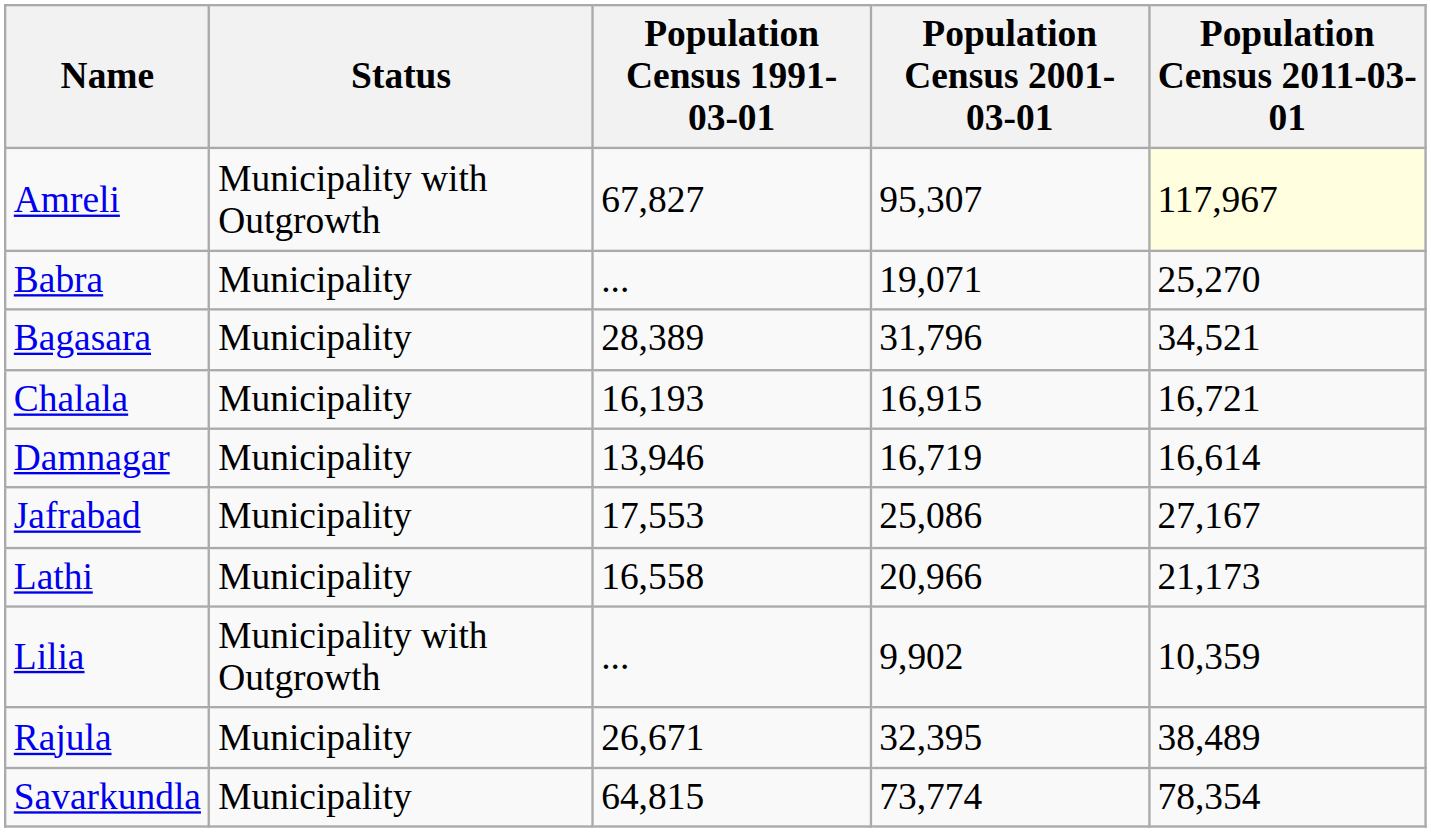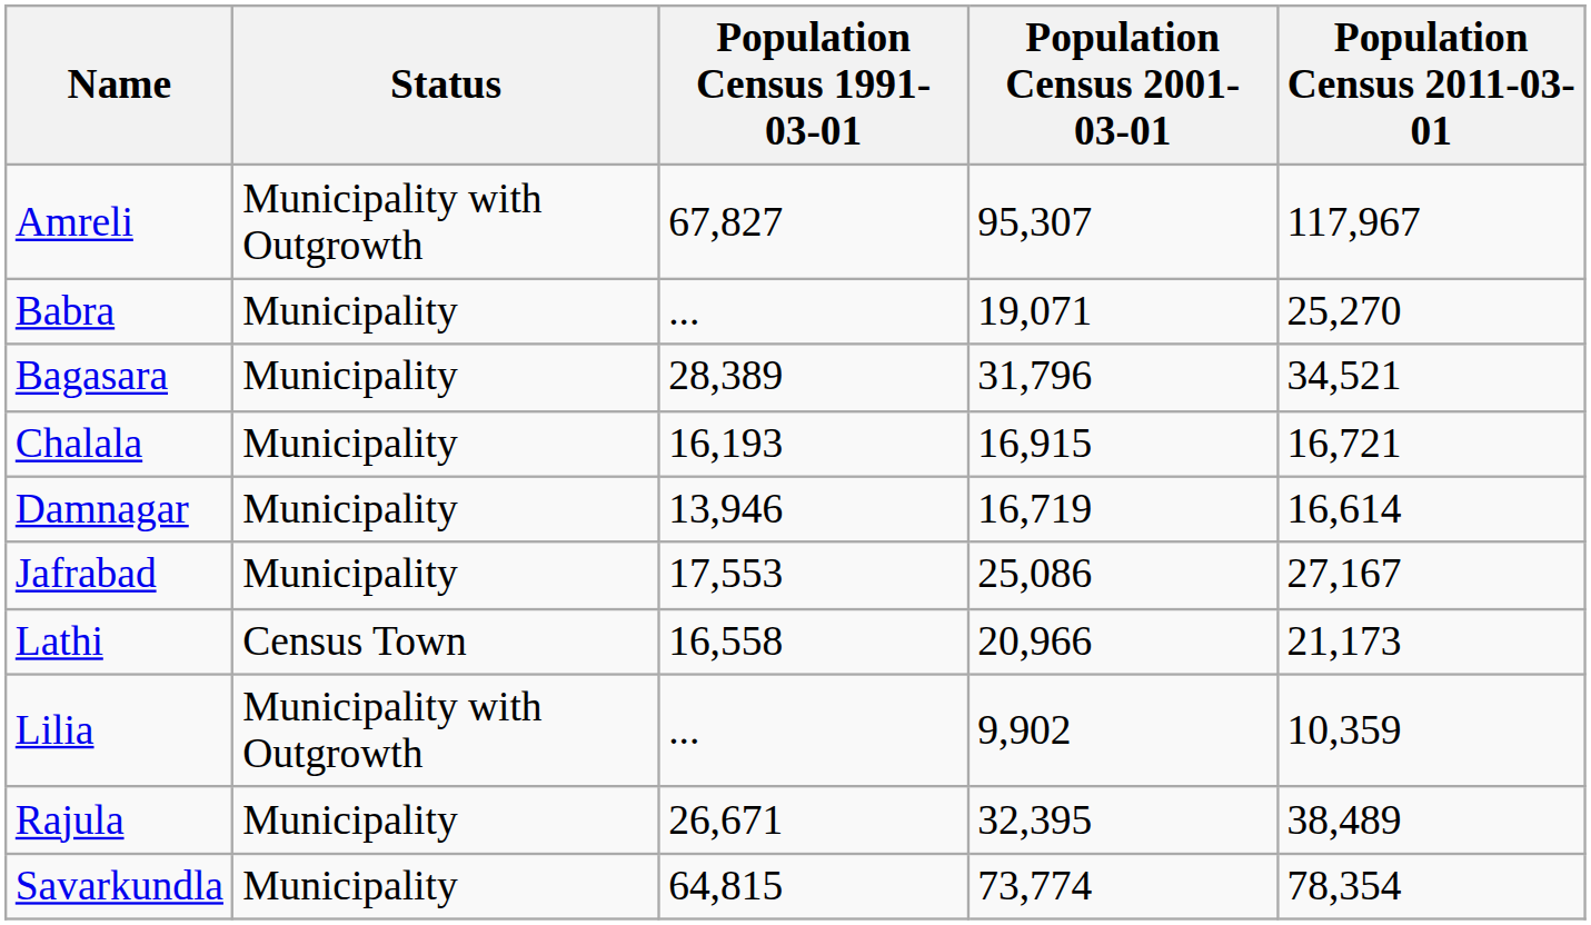 <table class="wikitable">
 <tr>
 <th>Name</th>
 <th>Status</th>
 <th>Population<br>Census 1991-03-01</th>
 <th>Population<br>Census 2001-03-01</th>
 <th>Population<br>Census 2011-03-01</th>
 </tr>
 <tr>
 <td><a href='#'>Amreli</a></td>
 <td>Municipality with Outgrowth</td>
 <td>67,827</td>
 <td>95,307</td>
-<td style="background: lightyellow;">117,967</td>
+<td>117,967</td>
 </tr>
 <tr>
 <td><a href='#'>Babra</a></td>
 <td>Municipality</td>
 <td>...</td>
 <td>19,071</td>
 <td>25,270</td>
 </tr>
 <tr>
 <td><a href='#'>Bagasara</a></td>
 <td>Municipality</td>
 <td>28,389</td>
 <td>31,796</td>
 <td>34,521</td>
 </tr>
 <tr>
 <td><a href='#'>Chalala</a></td>
 <td>Municipality</td>
 <td>16,193</td>
 <td>16,915</td>
 <td>16,721</td>
 </tr>
 <tr>
 <td><a href='#'>Damnagar</a></td>
 <td>Municipality</td>
 <td>13,946</td>
 <td>16,719</td>
 <td>16,614</td>
 </tr>
 <tr>
 <td><a href='#'>Jafrabad</a></td>
 <td>Municipality</td>
 <td>17,553</td>
 <td>25,086</td>
 <td>27,167</td>
 </tr>
 <tr>
 <td><a href='#'>Lathi</a></td>
-<td>Municipality</td>
+<td>Census Town</td>
 <td>16,558</td>
 <td>20,966</td>
 <td>21,173</td>
 </tr>
 <tr>
 <td><a href='#'>Lilia</a></td>
 <td>Municipality with Outgrowth</td>
 <td>...</td>
 <td>9,902</td>
 <td>10,359</td>
 </tr>
 <tr>
 <td><a href='#'>Rajula</a></td>
 <td>Municipality</td>
 <td>26,671</td>
 <td>32,395</td>
 <td>38,489</td>
 </tr>
 <tr>
 <td><a href='#'>Savarkundla</a></td>
 <td>Municipality</td>
 <td>64,815</td>
 <td>73,774</td>
 <td>78,354</td>
 </tr>
 </table>
